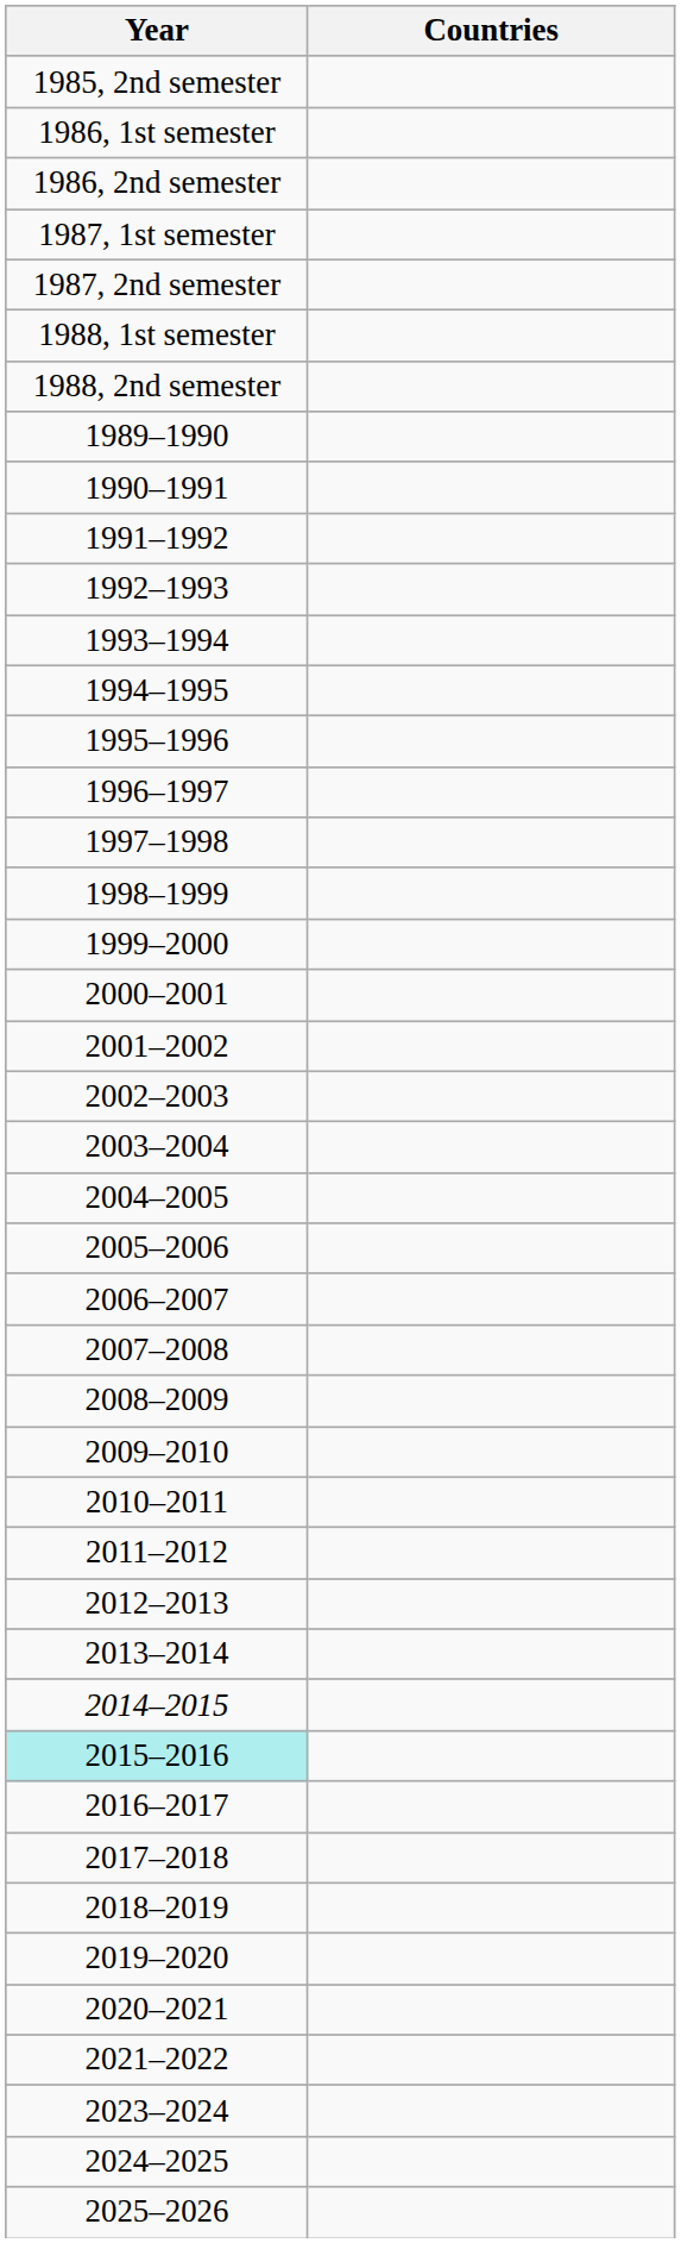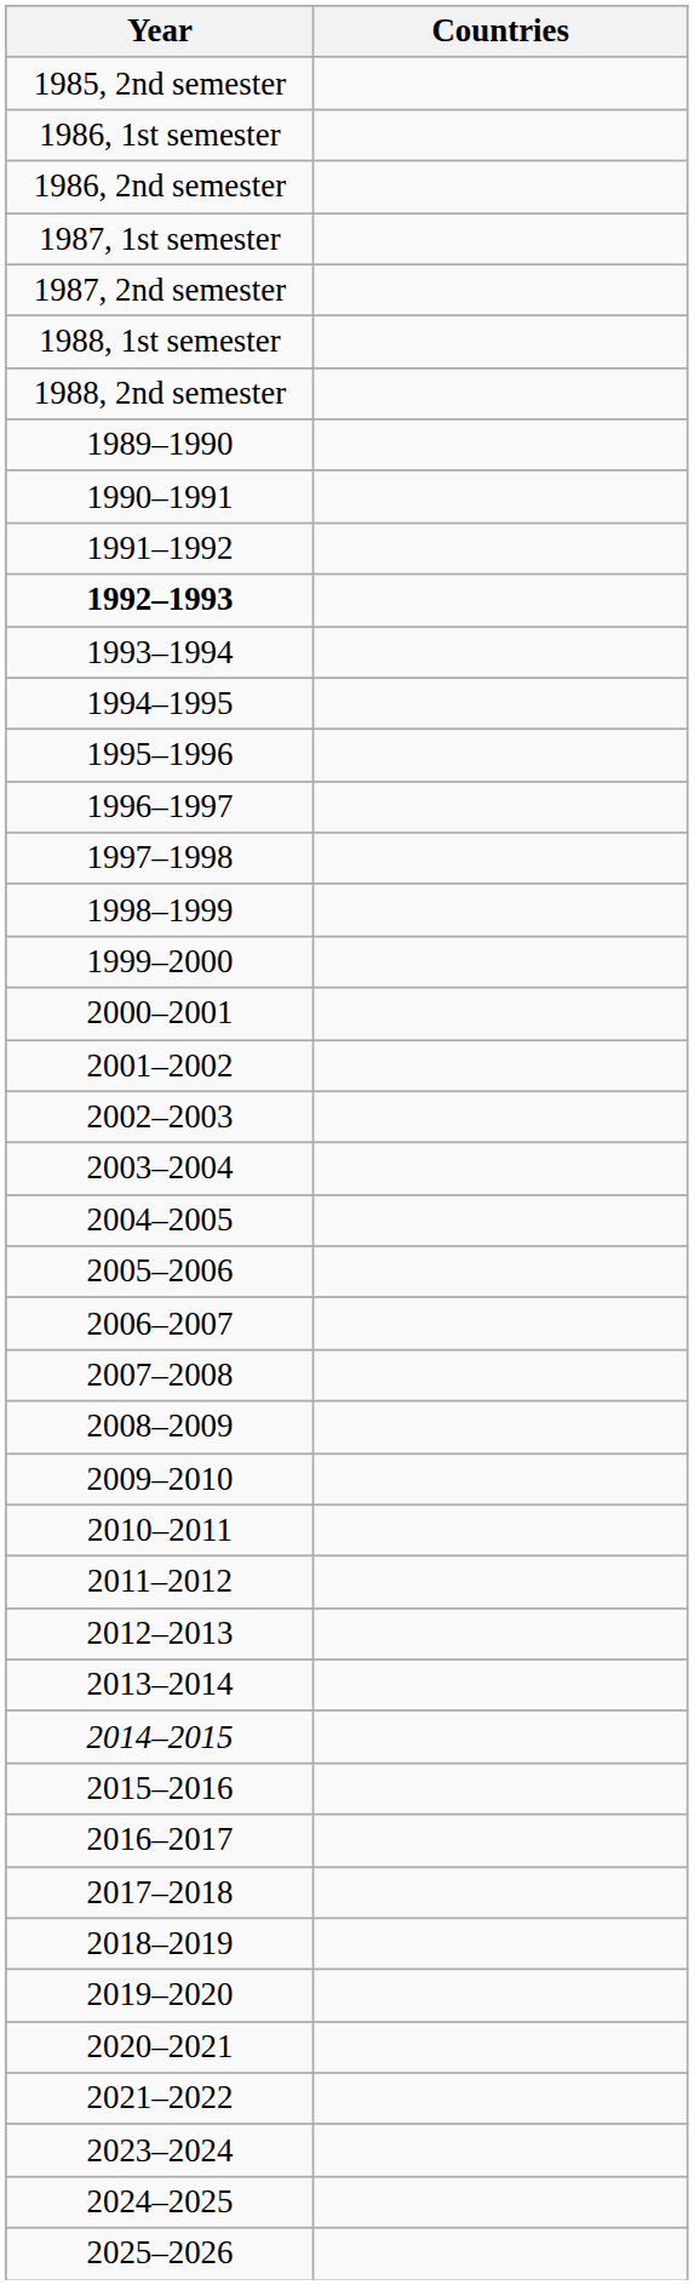 <table class="sortable wikitable">
 <tr>
 <th style="width:9em;">Year</th>
 <th style="width:11em;">Countries</th>
 </tr>
 <tr>
 <td align="center">1985, 2nd semester</td>
 <td></td>
 </tr>
 <tr>
 <td align="center">1986, 1st semester</td>
 <td></td>
 </tr>
 <tr>
 <td align="center">1986, 2nd semester</td>
 <td></td>
 </tr>
 <tr>
 <td align="center">1987, 1st semester</td>
 <td></td>
 </tr>
 <tr>
 <td align="center">1987, 2nd semester</td>
 <td></td>
 </tr>
 <tr>
 <td align="center">1988, 1st semester</td>
 <td></td>
 </tr>
 <tr>
 <td align="center">1988, 2nd semester</td>
 <td></td>
 </tr>
 <tr>
 <td align="center">1989–1990</td>
 <td></td>
 </tr>
 <tr>
 <td align="center">1990–1991</td>
 <td></td>
 </tr>
 <tr>
 <td align="center">1991–1992</td>
 <td></td>
 </tr>
 <tr>
-<td align="center">1992–1993</td>
+<td align="center"><strong>1992–1993</strong></td>
 <td></td>
 </tr>
 <tr>
 <td align="center">1993–1994</td>
 <td></td>
 </tr>
 <tr>
 <td align="center">1994–1995</td>
 <td></td>
 </tr>
 <tr>
 <td align="center">1995–1996</td>
 <td></td>
 </tr>
 <tr>
 <td align="center">1996–1997</td>
 <td></td>
 </tr>
 <tr>
 <td align="center">1997–1998</td>
 <td></td>
 </tr>
 <tr>
 <td align="center">1998–1999</td>
 <td></td>
 </tr>
 <tr>
 <td align="center">1999–2000</td>
 <td></td>
 </tr>
 <tr>
 <td align="center">2000–2001</td>
 <td></td>
 </tr>
 <tr>
 <td align="center">2001–2002</td>
 <td></td>
 </tr>
 <tr>
 <td align="center">2002–2003</td>
 <td></td>
 </tr>
 <tr>
 <td align="center">2003–2004</td>
 <td></td>
 </tr>
 <tr>
 <td align="center">2004–2005</td>
 <td></td>
 </tr>
 <tr>
 <td align="center">2005–2006</td>
 <td></td>
 </tr>
 <tr>
 <td align="center">2006–2007</td>
 <td></td>
 </tr>
 <tr>
 <td align="center">2007–2008</td>
 <td></td>
 </tr>
 <tr>
 <td align="center">2008–2009</td>
 <td></td>
 </tr>
 <tr>
 <td align="center">2009–2010</td>
 <td></td>
 </tr>
 <tr>
 <td align="center">2010–2011</td>
 <td></td>
 </tr>
 <tr>
 <td align="center">2011–2012</td>
 <td></td>
 </tr>
 <tr>
 <td align="center">2012–2013</td>
 <td></td>
 </tr>
 <tr>
 <td align="center">2013–2014</td>
 <td></td>
 </tr>
 <tr>
 <td align="center"><em>2014</em>–<em>2015</em></td>
 <td></td>
 </tr>
 <tr>
-<td align="center" style="background: paleturquoise;">2015–2016</td>
+<td align="center">2015–2016</td>
 <td></td>
 </tr>
 <tr>
 <td align="center">2016–2017</td>
 <td></td>
 </tr>
 <tr>
 <td align="center">2017–2018</td>
 <td></td>
 </tr>
 <tr>
 <td align="center">2018–2019</td>
 <td></td>
 </tr>
 <tr>
 <td align="center">2019–2020</td>
 <td></td>
 </tr>
 <tr>
 <td align="center">2020–2021</td>
 <td></td>
 </tr>
 <tr>
 <td align="center">2021–2022</td>
 <td></td>
 </tr>
 <tr>
 <td align="center">2023–2024</td>
 <td></td>
 </tr>
 <tr>
 <td align="center">2024–2025</td>
 <td><br></td>
 </tr>
 <tr>
 <td align="center">2025–2026</td>
 <td></td>
 </tr>
 </table>
